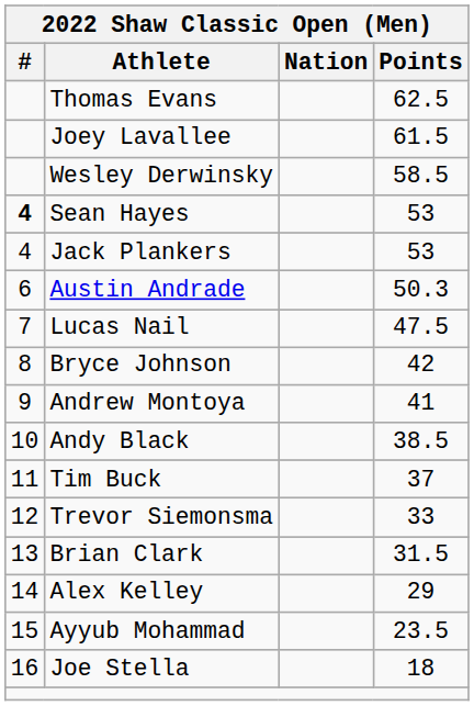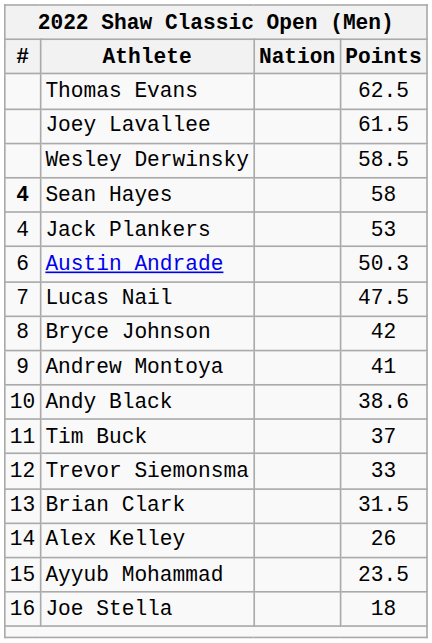 <table class="wikitable" style="display: inline-table;text-align:center;">
 <tr>
 <th colspan="4">2022 Shaw Classic Open (Men)</th>
 </tr>
 <tr>
 <th scope="col" style="width: 10px;">#</th>
 <th scope="col">Athlete</th>
 <th scope="col">Nation</th>
 <th scope="col">Points</th>
 </tr>
 <tr>
 <td></td>
 <td align=left>Thomas Evans</td>
 <td align=left></td>
 <td>62.5</td>
 </tr>
 <tr>
 <td></td>
 <td align=left>Joey Lavallee</td>
 <td align=left></td>
 <td>61.5</td>
 </tr>
 <tr>
 <td></td>
 <td align=left>Wesley Derwinsky</td>
 <td align=left></td>
 <td>58.5</td>
 </tr>
 <tr>
 <td><strong>4</strong></td>
 <td align=left>Sean Hayes</td>
 <td align=left></td>
-<td>53</td>
+<td>58</td>
 </tr>
 <tr>
 <td>4</td>
 <td align=left>Jack Plankers</td>
 <td align=left></td>
 <td>53</td>
 </tr>
 <tr>
 <td>6</td>
 <td align=left><a href='#'>Austin Andrade</a></td>
 <td align=left></td>
 <td>50.3</td>
 </tr>
 <tr>
 <td>7</td>
 <td align=left>Lucas Nail</td>
 <td align=left></td>
 <td>47.5</td>
 </tr>
 <tr>
 <td>8</td>
 <td align=left>Bryce Johnson</td>
 <td align=left></td>
 <td>42</td>
 </tr>
 <tr>
 <td>9</td>
 <td align=left>Andrew Montoya</td>
 <td align=left></td>
 <td>41</td>
 </tr>
 <tr>
 <td>10</td>
 <td align=left>Andy Black</td>
 <td align=left></td>
-<td>38.5</td>
+<td>38.6</td>
 </tr>
 <tr>
 <td>11</td>
 <td align=left>Tim Buck</td>
 <td align=left></td>
 <td>37</td>
 </tr>
 <tr>
 <td>12</td>
 <td align=left>Trevor Siemonsma</td>
 <td align=left></td>
 <td>33</td>
 </tr>
 <tr>
 <td>13</td>
 <td align=left>Brian Clark</td>
 <td align=left></td>
 <td>31.5</td>
 </tr>
 <tr>
 <td>14</td>
 <td align=left>Alex Kelley</td>
 <td align=left></td>
-<td>29</td>
+<td>26</td>
 </tr>
 <tr>
 <td>15</td>
 <td align=left>Ayyub Mohammad</td>
 <td align=left></td>
 <td>23.5</td>
 </tr>
 <tr>
 <td>16</td>
 <td align=left>Joe Stella</td>
 <td align=left></td>
 <td>18</td>
 </tr>
 <tr class="sortbottom">
 <td colspan="4"></td>
 </tr>
 </table>
